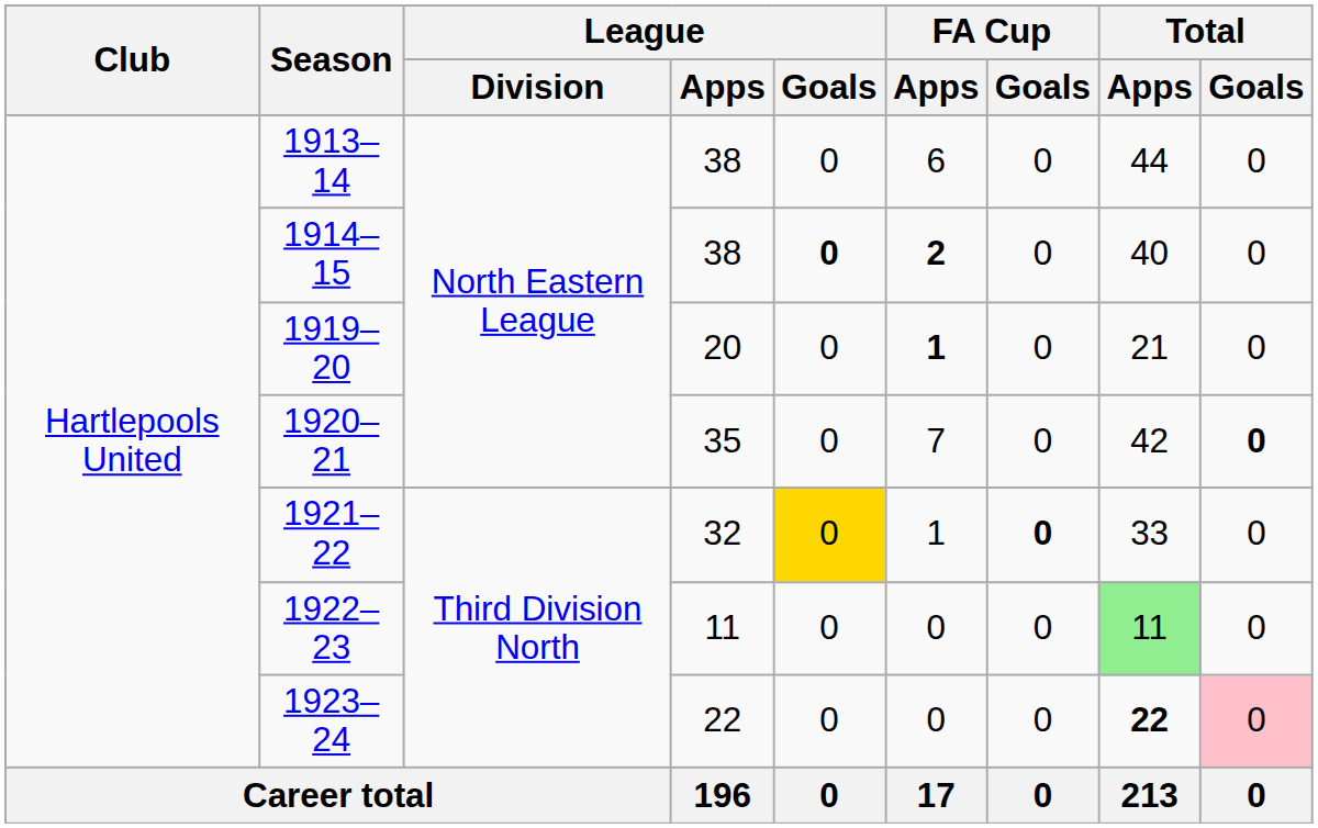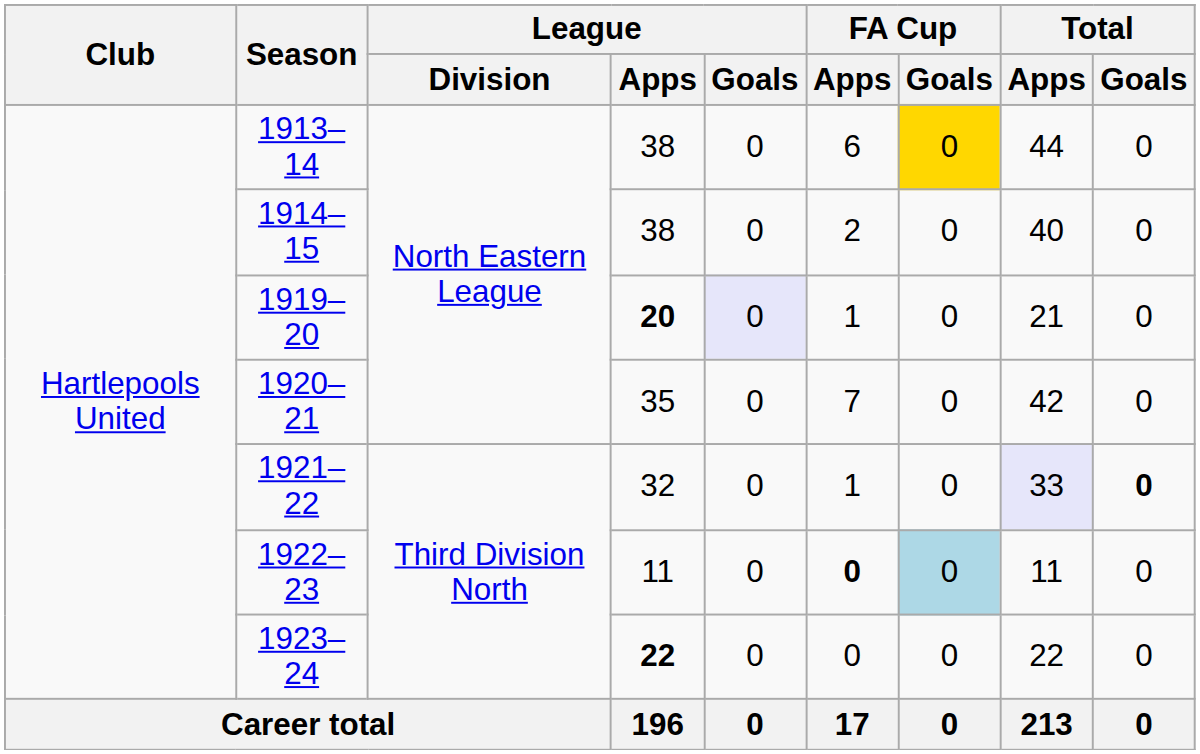 <table class="wikitable" style="text-align: center">
 <tr>
 <th rowspan="2">Club</th>
 <th rowspan="2">Season</th>
 <th colspan="3">League</th>
 <th colspan="2">FA Cup</th>
 <th colspan="2">Total</th>
 </tr>
 <tr>
 <th>Division</th>
 <th>Apps</th>
 <th>Goals</th>
 <th>Apps</th>
 <th>Goals</th>
 <th>Apps</th>
 <th>Goals</th>
 </tr>
 <tr>
 <td rowspan="7"><a href='#'>Hartlepools United</a></td>
 <td><a href='#'>1913–14</a></td>
 <td rowspan="4"><a href='#'>North Eastern League</a></td>
 <td>38</td>
 <td>0</td>
 <td>6</td>
-<td>0</td>
+<td style="background: gold;">0</td>
 <td>44</td>
 <td>0</td>
 </tr>
 <tr>
 <td><a href='#'>1914–15</a></td>
 <td>38</td>
-<td><strong>0</strong></td>
-<td><strong>2</strong></td>
+<td>0</td>
+<td>2</td>
 <td>0</td>
 <td>40</td>
 <td>0</td>
 </tr>
 <tr>
 <td><a href='#'>1919–20</a></td>
-<td>20</td>
-<td>0</td>
-<td><strong>1</strong></td>
+<td><strong>20</strong></td>
+<td style="background: lavender;">0</td>
+<td>1</td>
 <td>0</td>
 <td>21</td>
 <td>0</td>
 </tr>
 <tr>
 <td><a href='#'>1920–21</a></td>
 <td>35</td>
 <td>0</td>
 <td>7</td>
 <td>0</td>
 <td>42</td>
-<td><strong>0</strong></td>
+<td>0</td>
 </tr>
 <tr>
 <td><a href='#'>1921–22</a></td>
 <td rowspan="3"><a href='#'>Third Division North</a></td>
 <td>32</td>
-<td style="background: gold;">0</td>
+<td>0</td>
 <td>1</td>
+<td>0</td>
+<td style="background: lavender;">33</td>
 <td><strong>0</strong></td>
-<td>33</td>
-<td>0</td>
 </tr>
 <tr>
 <td><a href='#'>1922–23</a></td>
 <td>11</td>
 <td>0</td>
-<td>0</td>
-<td>0</td>
-<td style="background: lightgreen;">11</td>
+<td><strong>0</strong></td>
+<td style="background: lightblue;">0</td>
+<td>11</td>
 <td>0</td>
 </tr>
 <tr>
 <td><a href='#'>1923–24</a></td>
-<td>22</td>
+<td><strong>22</strong></td>
 <td>0</td>
 <td>0</td>
 <td>0</td>
-<td><strong>22</strong></td>
-<td style="background: pink;">0</td>
+<td>22</td>
+<td>0</td>
 </tr>
 <tr>
 <th colspan="3">Career total</th>
 <th>196</th>
 <th>0</th>
 <th>17</th>
 <th>0</th>
 <th>213</th>
 <th>0</th>
 </tr>
 </table>
